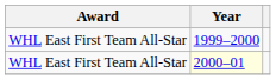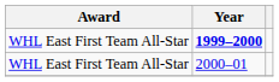 <table class="wikitable">
 <tr>
 <th>Award</th>
 <th>Year</th>
 <th></th>
 </tr>
 <tr>
 <td><a href='#'>WHL</a> East First Team All-Star</td>
-<td><a href='#'>1999–2000</a></td>
+<td><strong><a href='#'>1999–2000</a></strong></td>
 <td></td>
 </tr>
 <tr>
 <td><a href='#'>WHL</a> East First Team All-Star</td>
-<td style="background: lightyellow;"><a href='#'>2000–01</a></td>
+<td><a href='#'>2000–01</a></td>
 <td></td>
 </tr>
 <tr>
 </tr>
 </table>
